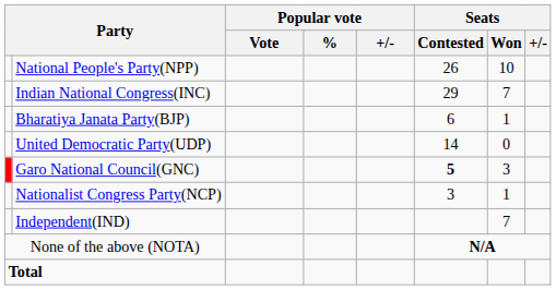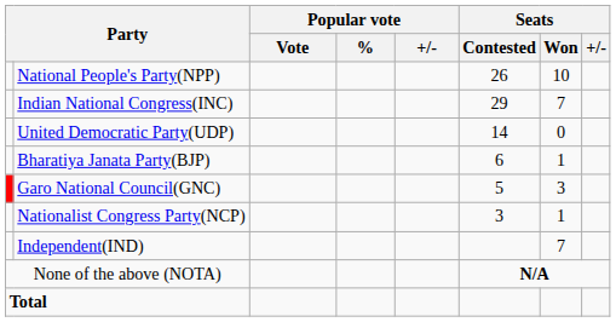 <table class="wikitable sortable" style="text-align:center; font-size:95%;">
 <tr>
 <th colspan="2" rowspan="2">Party</th>
 <th colspan="3">Popular vote</th>
 <th colspan="3">Seats</th>
 </tr>
 <tr>
 <th width="70">Vote</th>
 <th width="45">%</th>
 <th width="50">+/-</th>
 <th>Contested</th>
 <th>Won</th>
 <th>+/-</th>
 </tr>
 <tr>
 <td style="background-color:"></td>
 <td style="text-align:left"><a href='#'>National People's Party</a>(NPP)</td>
 <td></td>
 <td></td>
 <td></td>
 <td>26</td>
 <td>10</td>
 <td></td>
 </tr>
 <tr>
 <td style="background-color: "></td>
 <td style="text-align:left"><a href='#'>Indian National Congress</a>(INC)</td>
 <td></td>
 <td></td>
 <td></td>
 <td>29</td>
 <td>7</td>
 <td></td>
 </tr>
 <tr>
 <td style="background-color: "></td>
+<td style="text-align:left"><a href='#'>United Democratic Party</a>(UDP)</td>
+<td></td>
+<td></td>
+<td></td>
+<td>14</td>
+<td>0</td>
+<td></td>
+</tr>
+<tr>
+<td style="background-color: "></td>
 <td style="text-align:left"><a href='#'>Bharatiya Janata Party</a>(BJP)</td>
 <td></td>
 <td></td>
 <td></td>
 <td>6</td>
 <td>1</td>
 <td></td>
 </tr>
 <tr>
-<td style="background-color: "></td>
-<td style="text-align:left"><a href='#'>United Democratic Party</a>(UDP)</td>
-<td></td>
-<td></td>
-<td></td>
-<td>14</td>
-<td>0</td>
-<td></td>
-</tr>
-<tr>
 <td style="background-color:#FF0000"></td>
 <td style="text-align:left"><a href='#'>Garo National Council</a>(GNC)</td>
 <td></td>
 <td></td>
 <td></td>
-<td><strong>5</strong></td>
+<td>5</td>
 <td>3</td>
 <td></td>
 </tr>
 <tr>
 <td style="background-color: "></td>
 <td style="text-align:left"><a href='#'>Nationalist Congress Party</a>(NCP)</td>
 <td></td>
 <td></td>
 <td></td>
 <td>3</td>
 <td>1</td>
 <td></td>
 </tr>
 <tr>
 <td style="background-color: "></td>
 <td style="text-align:left"><a href='#'>Independent</a>(IND)</td>
 <td></td>
 <td></td>
 <td></td>
 <td></td>
 <td>7</td>
 <td></td>
 </tr>
 <tr>
 <td colspan="2">None of the above (NOTA)</td>
 <td></td>
 <td></td>
 <td></td>
 <td colspan="3"><strong>N/A</strong></td>
 </tr>
 <tr style="font-weight:bold;">
 <td align="left" colspan="2">Total</td>
 <td></td>
 <td></td>
 <td></td>
 <td></td>
 <td></td>
 <td></td>
 </tr>
 </table>
